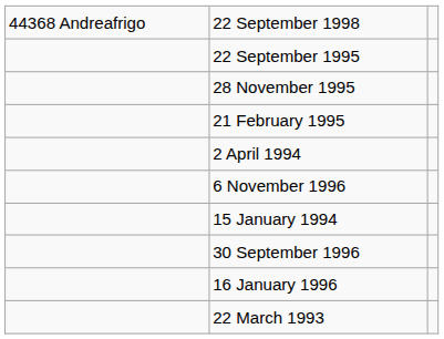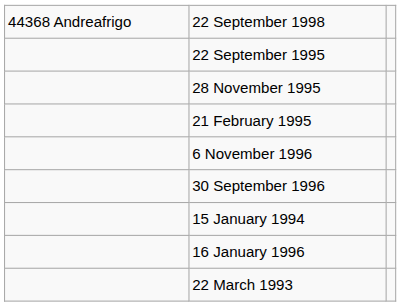 <table class="wikitable" style="font-size: 89%; float: left; width: 26em; margin-right: 1em; height: 280px;">
 <tr>
 <td>44368 Andreafrigo</td>
 <td>22 September 1998</td>
 <td></td>
 </tr>
 <tr>
 <td></td>
 <td>22 September 1995</td>
 <td></td>
 </tr>
 <tr>
 <td></td>
 <td>28 November 1995</td>
 <td></td>
 </tr>
 <tr>
 <td></td>
 <td>21 February 1995</td>
 <td></td>
 </tr>
 <tr>
 <td></td>
-<td>2 April 1994</td>
-<td></td>
-</tr>
-<tr>
-<td></td>
 <td>6 November 1996</td>
 <td></td>
 </tr>
 <tr>
 <td></td>
-<td>15 January 1994</td>
+<td>30 September 1996</td>
 <td></td>
 </tr>
 <tr>
 <td></td>
-<td>30 September 1996</td>
+<td>15 January 1994</td>
 <td></td>
 </tr>
 <tr>
 <td></td>
 <td>16 January 1996</td>
 <td></td>
 </tr>
 <tr>
 <td></td>
 <td>22 March 1993</td>
 <td></td>
 </tr>
 </table>
